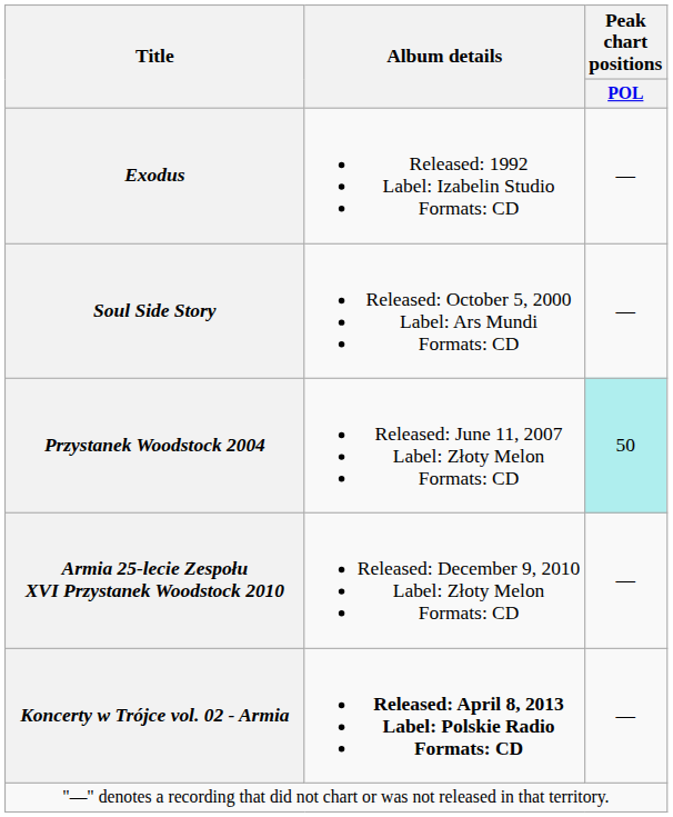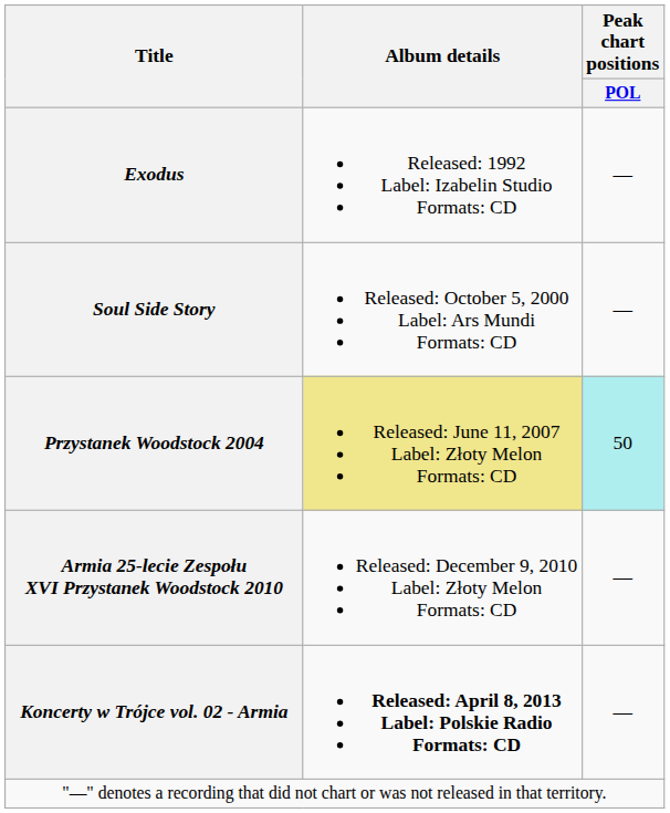 <table class="wikitable plainrowheaders" style="text-align:center;">
 <tr>
 <th scope="col" rowspan="2" style="width:15em;">Title</th>
 <th scope="col" rowspan="2">Album details</th>
 <th scope="col" colspan="1">Peak chart positions</th>
 </tr>
 <tr>
 <th scope="col" style="width:3em;font-size:90%;"><a href='#'>POL</a><br></th>
 </tr>
 <tr>
 <th scope="row"><em>Exodus</em></th>
 <td><br><ul><li>Released: 1992</li><li>Label: Izabelin Studio</li><li>Formats: CD</li></ul></td>
 <td>—</td>
 </tr>
 <tr>
 <th scope="row"><em>Soul Side Story</em></th>
 <td><br><ul><li>Released: October 5, 2000</li><li>Label: Ars Mundi</li><li>Formats: CD</li></ul></td>
 <td>—</td>
 </tr>
 <tr>
 <th scope="row"><em>Przystanek Woodstock 2004 </em></th>
-<td><br><ul><li>Released: June 11, 2007</li><li>Label: Złoty Melon</li><li>Formats: CD</li></ul></td>
+<td style="background: khaki;"><br><ul><li>Released: June 11, 2007</li><li>Label: Złoty Melon</li><li>Formats: CD</li></ul></td>
 <td style="background: paleturquoise;">50</td>
 </tr>
 <tr>
 <th scope="row"><em>Armia 25-lecie Zespołu<br>XVI Przystanek Woodstock 2010</em></th>
 <td><br><ul><li>Released: December 9, 2010</li><li>Label: Złoty Melon</li><li>Formats: CD</li></ul></td>
 <td>—</td>
 </tr>
 <tr>
 <th scope="row"><em>Koncerty w Trójce vol. 02 - Armia</em></th>
 <td><strong><br><ul><li>Released: April 8, 2013</li><li>Label: Polskie Radio</li><li>Formats: CD</li></ul></strong></td>
 <td>—</td>
 </tr>
 <tr>
 <td colspan="10" style="font-size:90%">"—" denotes a recording that did not chart or was not released in that territory.</td>
 </tr>
 </table>
